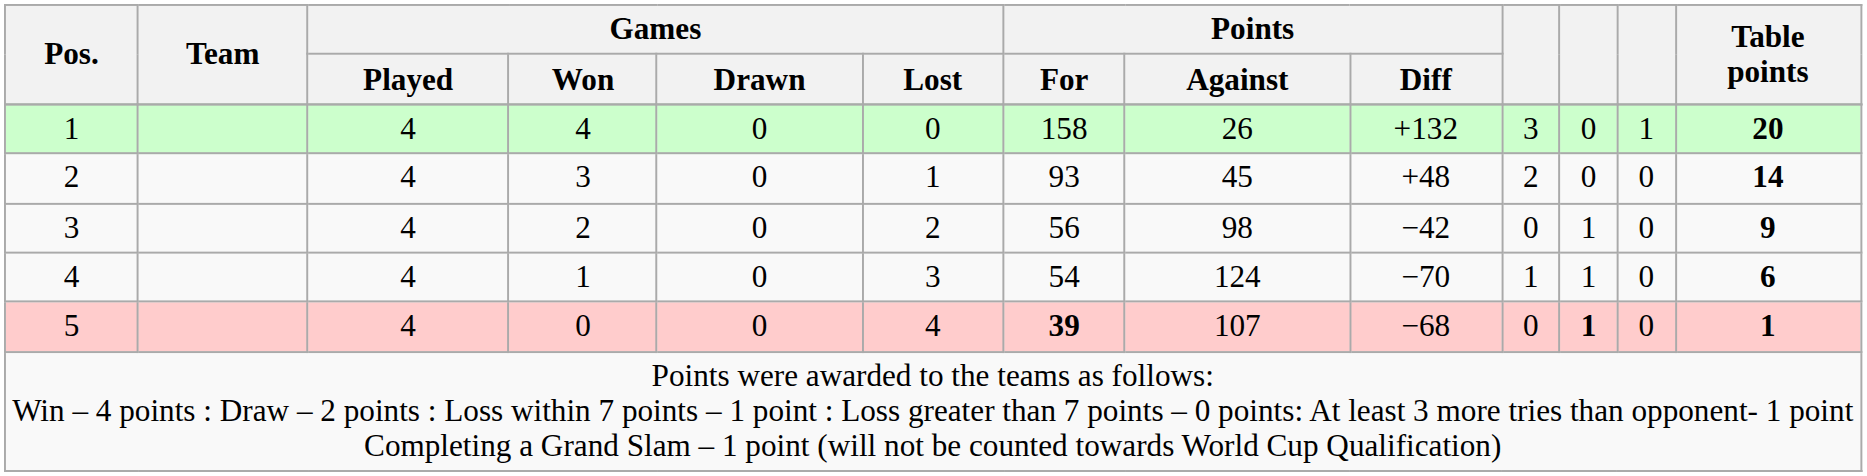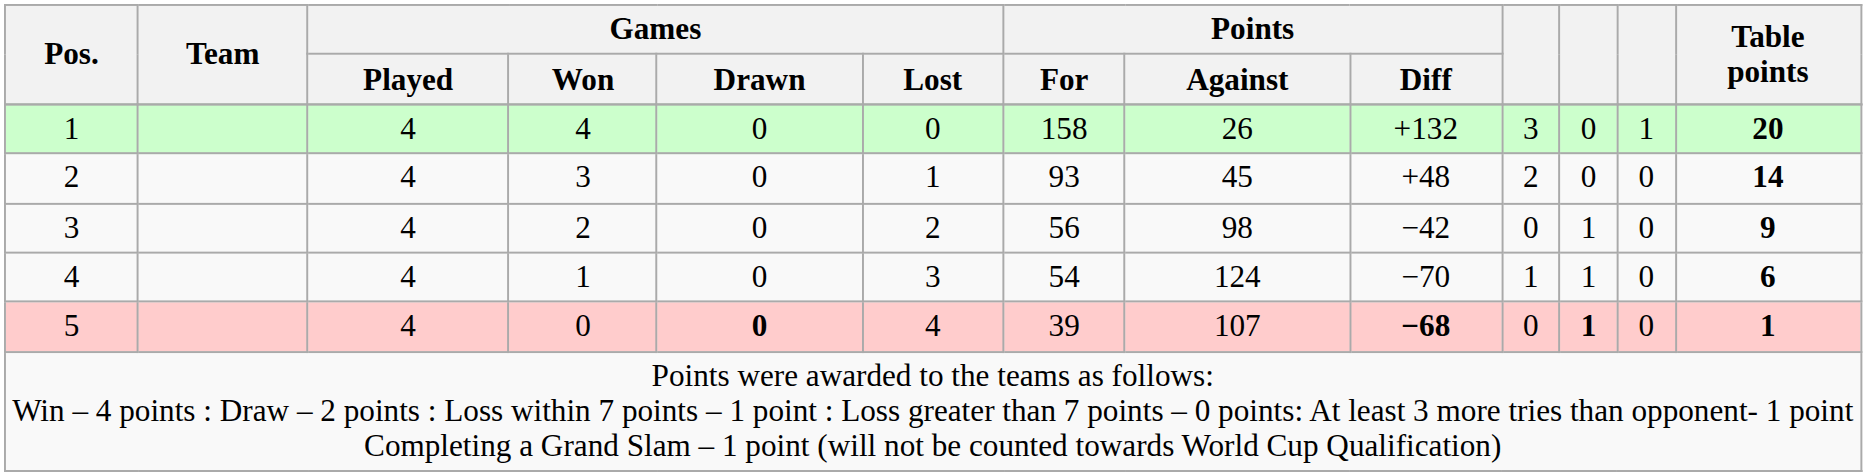 <table class="wikitable" style="text-align:center">
 <tr>
 <th rowspan="2">Pos.</th>
 <th rowspan="2">Team</th>
 <th colspan="4">Games</th>
 <th colspan="3">Points</th>
 <th rowspan="2"></th>
 <th rowspan="2"></th>
 <th rowspan="2"></th>
 <th rowspan="2">Table<br>points</th>
 </tr>
 <tr>
 <th>Played</th>
 <th>Won</th>
 <th>Drawn</th>
 <th>Lost</th>
 <th>For</th>
 <th>Against</th>
 <th>Diff</th>
 </tr>
 <tr>
 </tr>
 <tr align=center bgcolor=ccffcc>
 <td>1</td>
 <td align=left></td>
 <td>4</td>
 <td>4</td>
 <td>0</td>
 <td>0</td>
 <td>158</td>
 <td>26</td>
 <td>+132</td>
 <td>3</td>
 <td>0</td>
 <td>1</td>
 <td><strong>20</strong></td>
 </tr>
 <tr align=center>
 <td>2</td>
 <td align=left></td>
 <td>4</td>
 <td>3</td>
 <td>0</td>
 <td>1</td>
 <td>93</td>
 <td>45</td>
 <td>+48</td>
 <td>2</td>
 <td>0</td>
 <td>0</td>
 <td><strong>14</strong></td>
 </tr>
 <tr align=center>
 <td>3</td>
 <td align=left></td>
 <td>4</td>
 <td>2</td>
 <td>0</td>
 <td>2</td>
 <td>56</td>
 <td>98</td>
 <td>−42</td>
 <td>0</td>
 <td>1</td>
 <td>0</td>
 <td><strong>9</strong></td>
 </tr>
 <tr align=center>
 <td>4</td>
 <td align=left></td>
 <td>4</td>
 <td>1</td>
 <td>0</td>
 <td>3</td>
 <td>54</td>
 <td>124</td>
 <td>−70</td>
 <td>1</td>
 <td>1</td>
 <td>0</td>
 <td><strong>6</strong></td>
 </tr>
 <tr align=center  bgcolor="#ffcccc">
 <td>5</td>
 <td align=left></td>
 <td>4</td>
 <td>0</td>
-<td>0</td>
+<td><strong>0</strong></td>
 <td>4</td>
-<td><strong>39</strong></td>
+<td>39</td>
 <td>107</td>
-<td>−68</td>
+<td><strong>−68</strong></td>
 <td>0</td>
 <td><strong>1</strong></td>
 <td>0</td>
 <td><strong>1</strong></td>
 </tr>
 <tr>
 <td colspan="100%" style="text-align:center;">Points were awarded to the teams as follows:<br>Win – 4 points : Draw – 2 points  : Loss within 7 points – 1 point : Loss greater than 7 points – 0 points: At least 3 more tries than opponent- 1 point<br>Completing a Grand Slam – 1 point (will not be counted towards World Cup Qualification)</td>
 </tr>
 <tr>
 </tr>
 </table>
